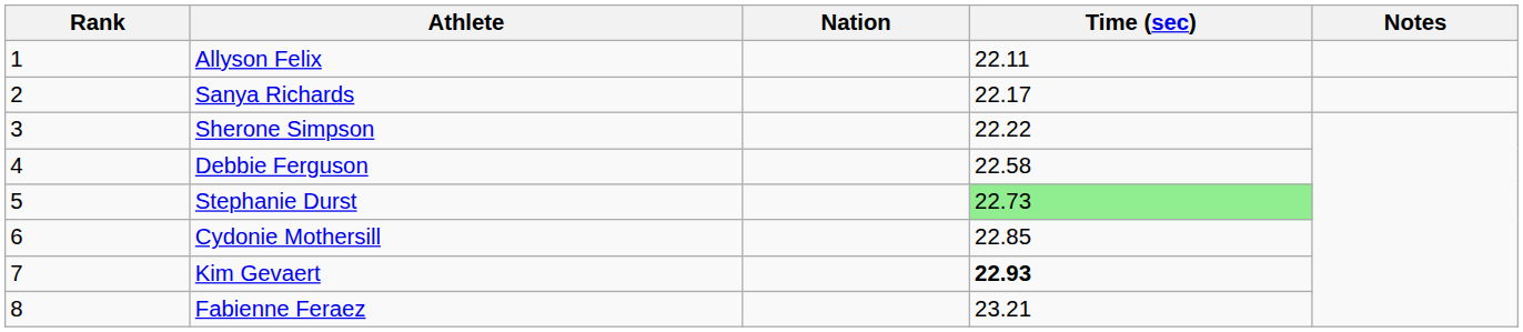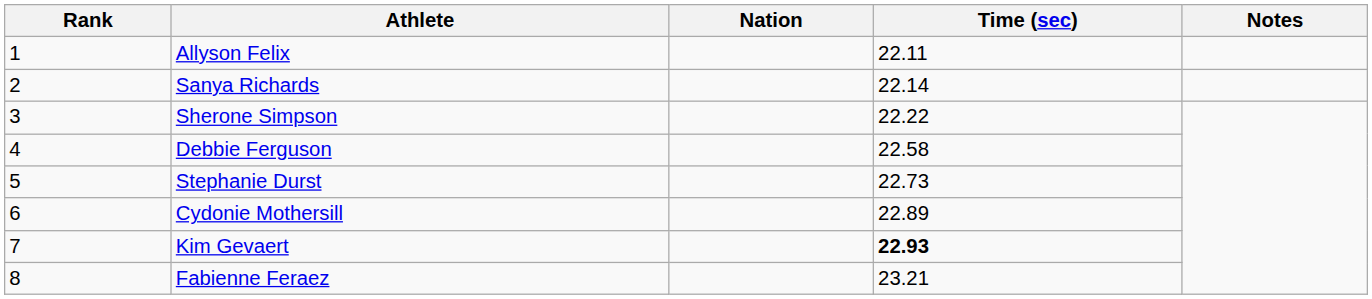 <table class="wikitable" style="text=align:center;" width=85%>
 <tr>
 <th>Rank</th>
 <th>Athlete</th>
 <th>Nation</th>
 <th>Time (<a href='#'>sec</a>)</th>
 <th>Notes</th>
 </tr>
 <tr>
 <td>1</td>
 <td><a href='#'>Allyson Felix</a></td>
 <td></td>
 <td>22.11</td>
 <td></td>
 </tr>
 <tr>
 <td>2</td>
 <td><a href='#'>Sanya Richards</a></td>
 <td></td>
-<td>22.17</td>
+<td>22.14</td>
 <td></td>
 </tr>
 <tr>
 <td>3</td>
 <td><a href='#'>Sherone Simpson</a></td>
 <td></td>
 <td>22.22</td>
 </tr>
 <tr>
 <td>4</td>
 <td><a href='#'>Debbie Ferguson</a></td>
 <td></td>
 <td>22.58</td>
 </tr>
 <tr>
 <td>5</td>
 <td><a href='#'>Stephanie Durst</a></td>
 <td></td>
-<td style="background: lightgreen;">22.73</td>
+<td>22.73</td>
 </tr>
 <tr>
 <td>6</td>
 <td><a href='#'>Cydonie Mothersill</a></td>
 <td></td>
-<td>22.85</td>
+<td>22.89</td>
 </tr>
 <tr>
 <td>7</td>
 <td><a href='#'>Kim Gevaert</a></td>
 <td></td>
 <td><strong>22.93</strong></td>
 </tr>
 <tr>
 <td>8</td>
 <td><a href='#'>Fabienne Feraez</a></td>
 <td></td>
 <td>23.21</td>
 </tr>
 </table>
